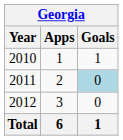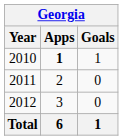 <table class="wikitable" style="text-align:center">
 <tr>
 <th colspan=3><a href='#'>Georgia</a></th>
 </tr>
 <tr>
 <th>Year</th>
 <th>Apps</th>
 <th>Goals</th>
 </tr>
 <tr>
 <td>2010</td>
-<td>1</td>
+<td><strong>1</strong></td>
 <td>1</td>
 </tr>
 <tr>
 <td>2011</td>
 <td>2</td>
-<td style="background: lightblue;">0</td>
+<td>0</td>
 </tr>
 <tr>
 <td>2012</td>
 <td>3</td>
 <td>0</td>
 </tr>
 <tr>
 <th>Total</th>
 <th>6</th>
 <th>1</th>
 </tr>
 </table>
